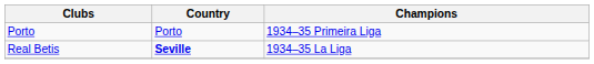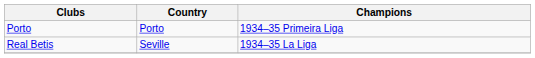 <table class="wikitable">
 <tr>
 <th width=200px>Clubs</th>
 <th width=150px>Country</th>
 <th width=450px>Champions</th>
 </tr>
 <tr>
 <td> <a href='#'>Porto</a></td>
 <td><a href='#'>Porto</a></td>
 <td><a href='#'>1934–35 Primeira Liga</a></td>
 </tr>
 <tr>
 <td> <a href='#'>Real Betis</a></td>
-<td><strong><a href='#'>Seville</a></strong></td>
+<td><a href='#'>Seville</a></td>
 <td><a href='#'>1934–35 La Liga</a></td>
 </tr>
 <tr>
 </tr>
 </table>
